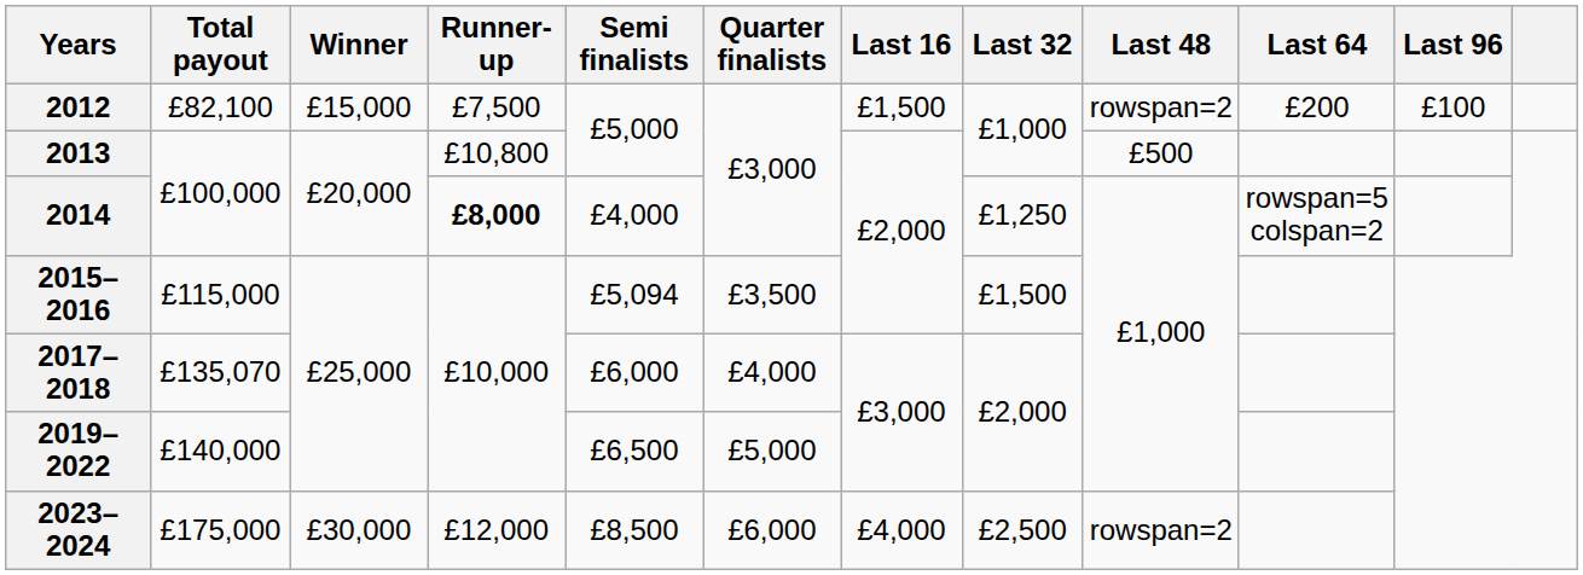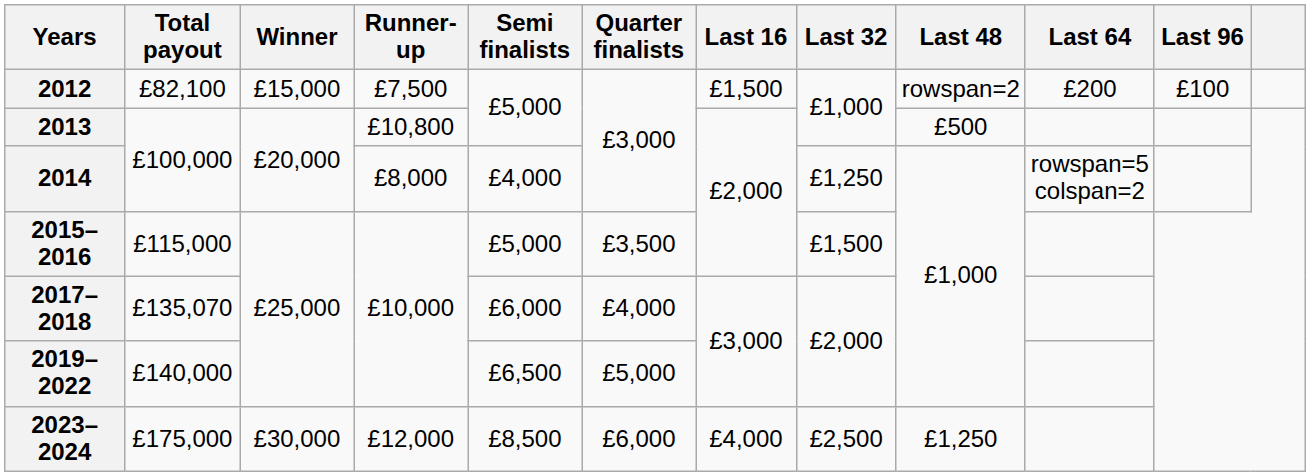 <table class="wikitable" style="text-align:center">
 <tr>
 <th style=width:10%>Years</th>
 <th style=width:9%>Total<br>payout</th>
 <th style=width:9%>Winner</th>
 <th style=width:9%>Runner-up</th>
 <th style=width:9%>Semi<br>finalists</th>
 <th style=width:9%>Quarter<br>finalists</th>
 <th style=width:8%>Last 16</th>
 <th style=width:8%>Last 32</th>
 <th style=width:8%>Last 48</th>
 <th style=width:8%>Last 64</th>
 <th style=width:8%>Last 96</th>
 <th style=width:5%></th>
 </tr>
 <tr>
 <th>2012</th>
 <td>£82,100</td>
 <td>£15,000</td>
 <td>£7,500</td>
 <td rowspan=2>£5,000</td>
 <td rowspan=3>£3,000</td>
 <td>£1,500</td>
 <td rowspan=2>£1,000</td>
 <td>rowspan=2 </td>
 <td>£200</td>
 <td>£100</td>
 <td style=text-align:center></td>
 </tr>
 <tr>
 <th>2013</th>
 <td rowspan=2>£100,000</td>
 <td rowspan=2>£20,000</td>
 <td>£10,800</td>
 <td rowspan=3>£2,000</td>
 <td>£500</td>
 <td></td>
 <td style=text-align:center></td>
 </tr>
 <tr>
 <th>2014</th>
-<td><strong>£8,000</strong></td>
+<td>£8,000</td>
 <td>£4,000</td>
 <td>£1,250</td>
 <td rowspan=4>£1,000</td>
 <td>rowspan=5 colspan=2 </td>
 <td style=text-align:center></td>
 </tr>
 <tr>
 <th>2015–2016</th>
 <td>£115,000</td>
 <td rowspan=3>£25,000</td>
 <td rowspan=3>£10,000</td>
-<td>£5,094</td>
+<td>£5,000</td>
 <td>£3,500</td>
 <td>£1,500</td>
 <td style=text-align:center></td>
 </tr>
 <tr>
 <th>2017–2018</th>
 <td>£135,070</td>
 <td>£6,000</td>
 <td>£4,000</td>
 <td rowspan=2>£3,000</td>
 <td rowspan=2>£2,000</td>
 <td style=text-align:center></td>
 </tr>
 <tr>
 <th>2019–2022</th>
 <td>£140,000</td>
 <td>£6,500</td>
 <td>£5,000</td>
 <td style=text-align:center></td>
 </tr>
 <tr>
 <th>2023–2024</th>
 <td>£175,000</td>
 <td>£30,000</td>
 <td>£12,000</td>
 <td>£8,500</td>
 <td>£6,000</td>
 <td>£4,000</td>
 <td>£2,500</td>
-<td>rowspan=2 </td>
+<td>£1,250</td>
 <td style=text-align:center></td>
 </tr>
 </table>
